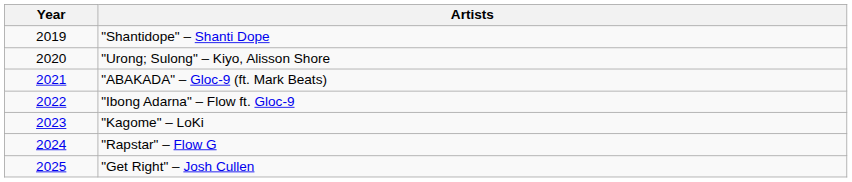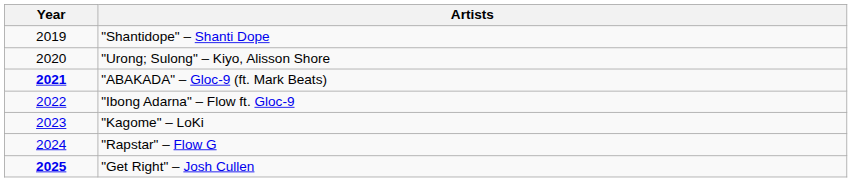 <table class="wikitable sortable"  style="width:50%;">
 <tr>
 <th width=5%  scope="col">Year</th>
 <th ! width=40%  scope="col">Artists</th>
 </tr>
 <tr>
 <td align="center">2019</td>
 <td>"Shantidope" – <a href='#'>Shanti Dope</a></td>
 </tr>
 <tr>
 <td align="center">2020</td>
 <td>"Urong; Sulong" – Kiyo, Alisson Shore</td>
 </tr>
 <tr>
-<td align="center"><a href='#'>2021</a></td>
+<td align="center"><strong><a href='#'>2021</a></strong></td>
 <td>"ABAKADA" – <a href='#'>Gloc-9</a> (ft. Mark Beats)</td>
 </tr>
 <tr>
 <td align="center"><a href='#'>2022</a></td>
 <td>"Ibong Adarna" – Flow ft. <a href='#'>Gloc-9</a></td>
 </tr>
 <tr>
 <td align="center"><a href='#'>2023</a></td>
 <td>"Kagome" – LoKi</td>
 </tr>
 <tr>
 <td align="center"><a href='#'>2024</a></td>
 <td>"Rapstar" – <a href='#'>Flow G</a></td>
 </tr>
 <tr>
-<td align="center"><a href='#'>2025</a></td>
+<td align="center"><strong><a href='#'>2025</a></strong></td>
 <td>"Get Right" – <a href='#'>Josh Cullen</a></td>
 </tr>
 </table>
